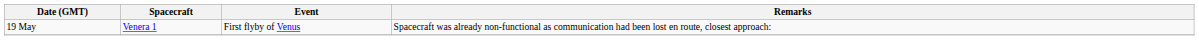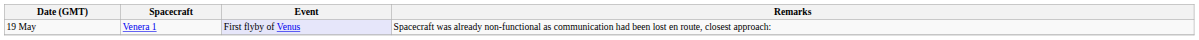 <table class=wikitable width="100%">
 <tr>
 <th>Date (GMT)</th>
 <th>Spacecraft</th>
 <th>Event</th>
 <th>Remarks</th>
 </tr>
 <tr>
 <td>19 May</td>
 <td><a href='#'>Venera 1</a></td>
-<td>First flyby of <a href='#'>Venus</a></td>
+<td style="background: lavender;">First flyby of <a href='#'>Venus</a></td>
 <td>Spacecraft was already non-functional as communication had been lost en route, closest approach: </td>
 </tr>
 <tr>
 </tr>
 </table>
